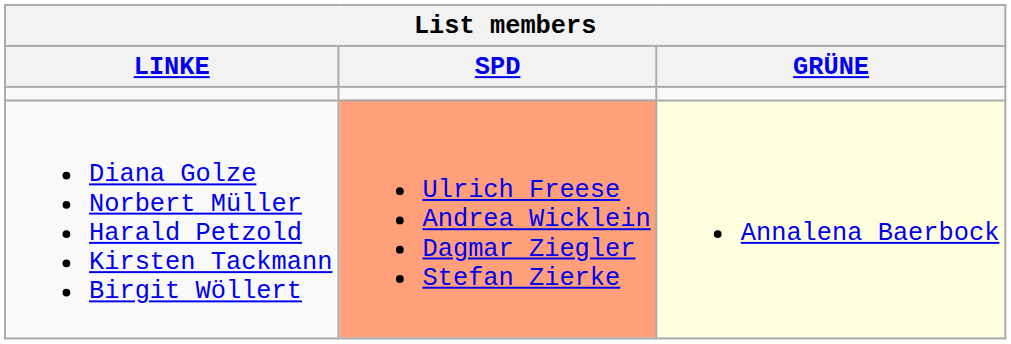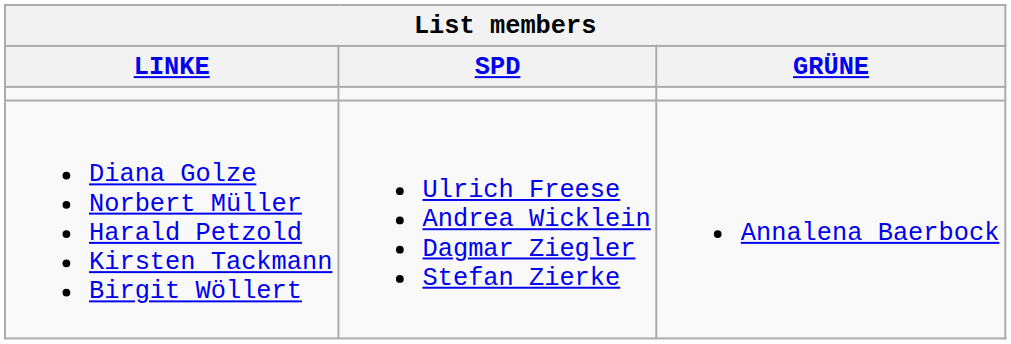 <table class=wikitable>
 <tr>
 <th colspan=3>List members</th>
 </tr>
 <tr>
 <th><a href='#'>LINKE</a></th>
 <th><a href='#'>SPD</a></th>
 <th><a href='#'>GRÜNE</a></th>
 </tr>
 <tr>
 <td bgcolor=></td>
 <td bgcolor=></td>
 <td bgcolor=></td>
 </tr>
 <tr>
 <td><br><ul><li><a href='#'>Diana Golze</a></li><li><a href='#'>Norbert Müller</a></li><li><a href='#'>Harald Petzold</a></li><li><a href='#'>Kirsten Tackmann</a></li><li><a href='#'>Birgit Wöllert</a></li></ul></td>
-<td style="background: lightsalmon;"><br><ul><li><a href='#'>Ulrich Freese</a></li><li><a href='#'>Andrea Wicklein</a></li><li><a href='#'>Dagmar Ziegler</a></li><li><a href='#'>Stefan Zierke</a></li></ul></td>
-<td style="background: lightyellow;"><br><ul><li><a href='#'>Annalena Baerbock</a></li></ul></td>
+<td><br><ul><li><a href='#'>Ulrich Freese</a></li><li><a href='#'>Andrea Wicklein</a></li><li><a href='#'>Dagmar Ziegler</a></li><li><a href='#'>Stefan Zierke</a></li></ul></td>
+<td><br><ul><li><a href='#'>Annalena Baerbock</a></li></ul></td>
 </tr>
 </table>
